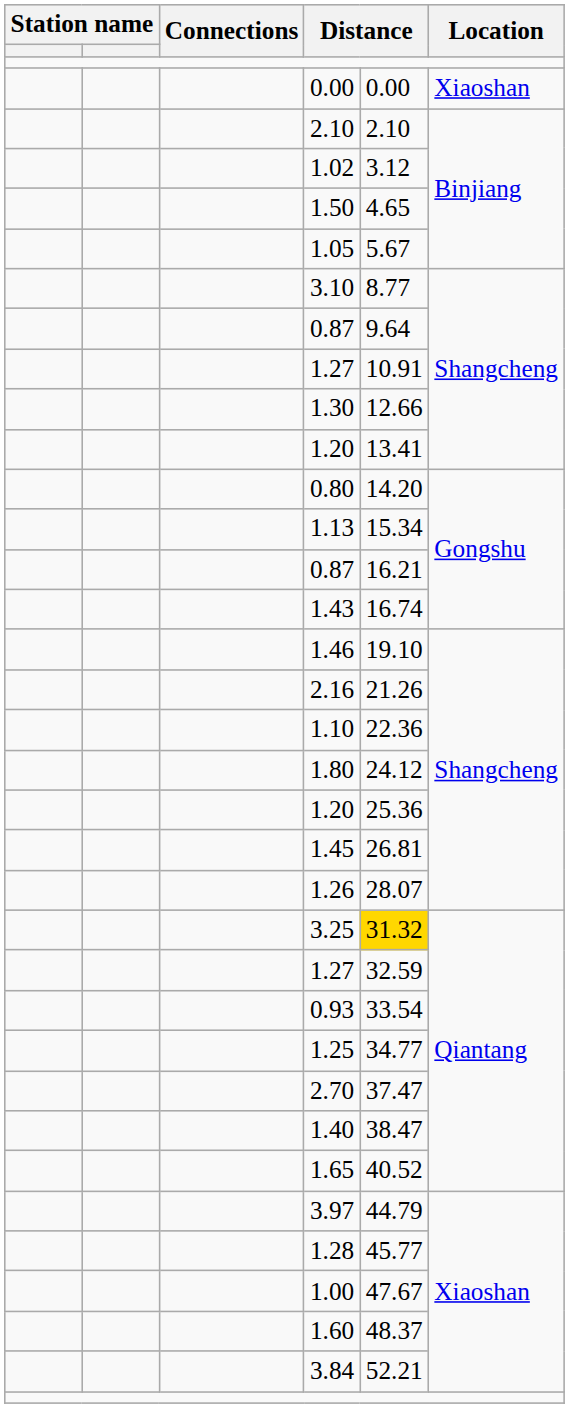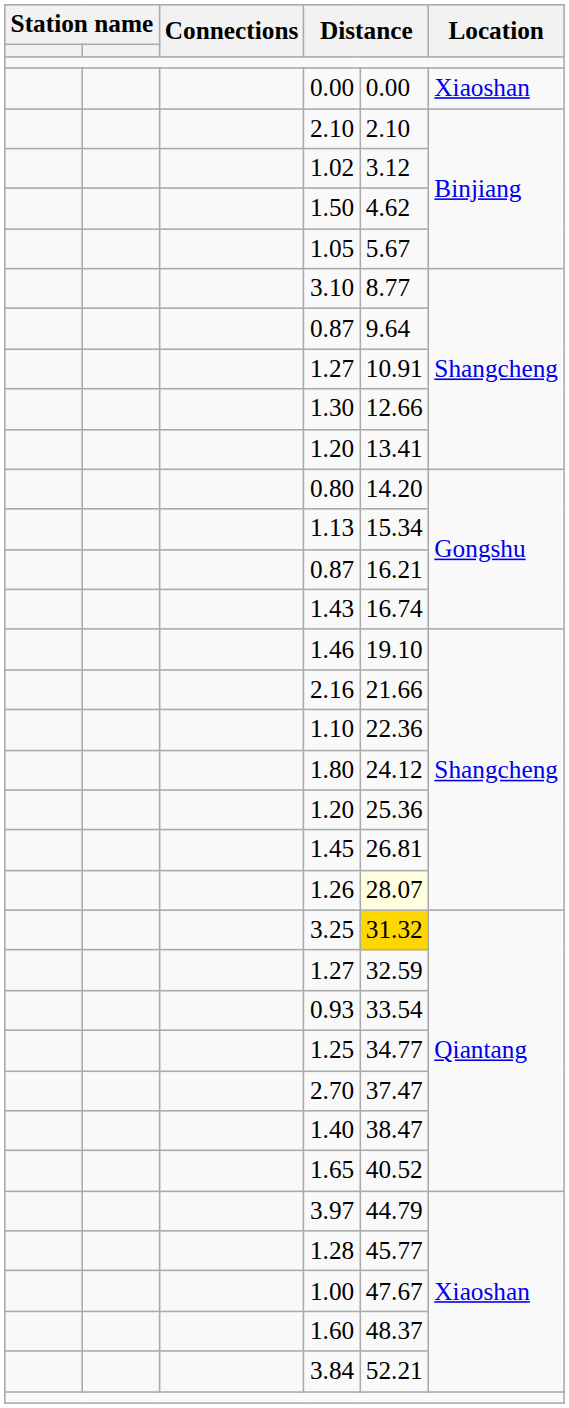 <table class="wikitable">
 <tr>
 <th colspan="2">Station name</th>
 <th rowspan="2">Connections</th>
 <th colspan="2" rowspan="2">Distance<br></th>
 <th rowspan="2">Location</th>
 </tr>
 <tr>
 <th></th>
 <th></th>
 </tr>
 <tr style="background:#">
 <td colspan = "9"></td>
 </tr>
 <tr>
 <td></td>
 <td></td>
 <td></td>
 <td>0.00</td>
 <td>0.00</td>
 <td><a href='#'>Xiaoshan</a></td>
 </tr>
 <tr>
 <td></td>
 <td></td>
 <td></td>
 <td>2.10</td>
 <td>2.10</td>
 <td rowspan="4"><a href='#'>Binjiang</a></td>
 </tr>
 <tr>
 <td></td>
 <td></td>
 <td></td>
 <td>1.02</td>
 <td>3.12</td>
 </tr>
 <tr>
 <td></td>
 <td></td>
 <td></td>
 <td>1.50</td>
-<td>4.65</td>
+<td>4.62</td>
 </tr>
 <tr>
 <td></td>
 <td></td>
 <td></td>
 <td>1.05</td>
 <td>5.67</td>
 </tr>
 <tr>
 <td></td>
 <td></td>
 <td></td>
 <td>3.10</td>
 <td>8.77</td>
 <td rowspan="5"><a href='#'>Shangcheng</a></td>
 </tr>
 <tr>
 <td></td>
 <td></td>
 <td></td>
 <td>0.87</td>
 <td>9.64</td>
 </tr>
 <tr>
 <td></td>
 <td></td>
 <td> </td>
 <td>1.27</td>
 <td>10.91</td>
 </tr>
 <tr>
 <td></td>
 <td></td>
 <td></td>
 <td>1.30</td>
 <td>12.66</td>
 </tr>
 <tr>
 <td></td>
 <td></td>
 <td></td>
 <td>1.20</td>
 <td>13.41</td>
 </tr>
 <tr>
 <td></td>
 <td></td>
 <td></td>
 <td>0.80</td>
 <td>14.20</td>
 <td rowspan="4"><a href='#'>Gongshu</a></td>
 </tr>
 <tr>
 <td></td>
 <td></td>
 <td></td>
 <td>1.13</td>
 <td>15.34</td>
 </tr>
 <tr>
 <td></td>
 <td></td>
 <td> </td>
 <td>0.87</td>
 <td>16.21</td>
 </tr>
 <tr>
 <td></td>
 <td></td>
 <td></td>
 <td>1.43</td>
 <td>16.74</td>
 </tr>
 <tr>
 <td></td>
 <td></td>
 <td></td>
 <td>1.46</td>
 <td>19.10</td>
 <td rowspan="7"><a href='#'>Shangcheng</a></td>
 </tr>
 <tr>
 <td></td>
 <td></td>
 <td> <br>     </td>
 <td>2.16</td>
-<td>21.26</td>
+<td>21.66</td>
 </tr>
 <tr>
 <td></td>
 <td></td>
 <td></td>
 <td>1.10</td>
 <td>22.36</td>
 </tr>
 <tr>
 <td></td>
 <td></td>
 <td></td>
 <td>1.80</td>
 <td>24.12</td>
 </tr>
 <tr>
 <td></td>
 <td></td>
 <td></td>
 <td>1.20</td>
 <td>25.36</td>
 </tr>
 <tr>
 <td></td>
 <td></td>
 <td></td>
 <td>1.45</td>
 <td>26.81</td>
 </tr>
 <tr>
 <td></td>
 <td></td>
 <td></td>
 <td>1.26</td>
-<td>28.07</td>
+<td style="background: lightyellow;">28.07</td>
 </tr>
 <tr>
 <td></td>
 <td></td>
 <td></td>
 <td>3.25</td>
 <td style="background: gold;">31.32</td>
 <td rowspan="7"><a href='#'>Qiantang</a></td>
 </tr>
 <tr>
 <td></td>
 <td></td>
 <td></td>
 <td>1.27</td>
 <td>32.59</td>
 </tr>
 <tr>
 <td></td>
 <td></td>
 <td></td>
 <td>0.93</td>
 <td>33.54</td>
 </tr>
 <tr>
 <td></td>
 <td></td>
 <td></td>
 <td>1.25</td>
 <td>34.77</td>
 </tr>
 <tr>
 <td></td>
 <td></td>
 <td></td>
 <td>2.70</td>
 <td>37.47</td>
 </tr>
 <tr>
 <td></td>
 <td></td>
 <td></td>
 <td>1.40</td>
 <td>38.47</td>
 </tr>
 <tr>
 <td></td>
 <td></td>
 <td></td>
 <td>1.65</td>
 <td>40.52</td>
 </tr>
 <tr>
 <td></td>
 <td></td>
 <td></td>
 <td>3.97</td>
 <td>44.79</td>
 <td rowspan="5"><a href='#'>Xiaoshan</a></td>
 </tr>
 <tr>
 <td></td>
 <td></td>
 <td></td>
 <td>1.28</td>
 <td>45.77</td>
 </tr>
 <tr>
 <td></td>
 <td></td>
 <td></td>
 <td>1.00</td>
 <td>47.67</td>
 </tr>
 <tr>
 <td></td>
 <td></td>
 <td></td>
 <td>1.60</td>
 <td>48.37</td>
 </tr>
 <tr>
 <td></td>
 <td></td>
 <td>   </td>
 <td>3.84</td>
 <td>52.21</td>
 </tr>
 <tr style="background:#">
 <td colspan = "9"></td>
 </tr>
 </table>
